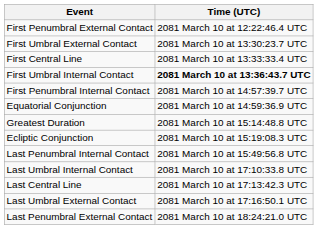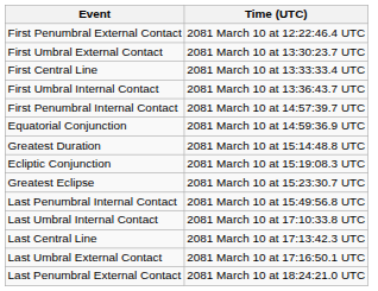 <table class="wikitable">
 <tr>
 <th>Event</th>
 <th>Time (UTC)</th>
 </tr>
 <tr>
 <td>First Penumbral External Contact</td>
 <td>2081 March 10 at 12:22:46.4 UTC</td>
 </tr>
 <tr>
 <td>First Umbral External Contact</td>
 <td>2081 March 10 at 13:30:23.7 UTC</td>
 </tr>
 <tr>
 <td>First Central Line</td>
 <td>2081 March 10 at 13:33:33.4 UTC</td>
 </tr>
 <tr>
 <td>First Umbral Internal Contact</td>
-<td><strong>2081 March 10 at 13:36:43.7 UTC</strong></td>
+<td>2081 March 10 at 13:36:43.7 UTC</td>
 </tr>
 <tr>
 <td>First Penumbral Internal Contact</td>
 <td>2081 March 10 at 14:57:39.7 UTC</td>
 </tr>
 <tr>
 <td>Equatorial Conjunction</td>
 <td>2081 March 10 at 14:59:36.9 UTC</td>
 </tr>
 <tr>
 <td>Greatest Duration</td>
 <td>2081 March 10 at 15:14:48.8 UTC</td>
 </tr>
 <tr>
 <td>Ecliptic Conjunction</td>
 <td>2081 March 10 at 15:19:08.3 UTC</td>
+</tr>
+<tr>
+<td>Greatest Eclipse</td>
+<td>2081 March 10 at 15:23:30.7 UTC</td>
 </tr>
 <tr>
 <td>Last Penumbral Internal Contact</td>
 <td>2081 March 10 at 15:49:56.8 UTC</td>
 </tr>
 <tr>
 <td>Last Umbral Internal Contact</td>
 <td>2081 March 10 at 17:10:33.8 UTC</td>
 </tr>
 <tr>
 <td>Last Central Line</td>
 <td>2081 March 10 at 17:13:42.3 UTC</td>
 </tr>
 <tr>
 <td>Last Umbral External Contact</td>
 <td>2081 March 10 at 17:16:50.1 UTC</td>
 </tr>
 <tr>
 <td>Last Penumbral External Contact</td>
 <td>2081 March 10 at 18:24:21.0 UTC</td>
 </tr>
 </table>
